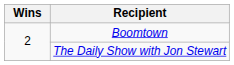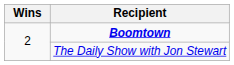 <table class="wikitable sortable" style="text-align: center">
 <tr>
 <th scope="col" style="width:55px;">Wins</th>
 <th scope="col" style="text-align:center;">Recipient</th>
 </tr>
 <tr>
 <td rowspan=2 style="text-align:center">2</td>
-<td><em><a href='#'>Boomtown</a></em></td>
+<td><strong><em><a href='#'>Boomtown</a></em></strong></td>
 </tr>
 <tr>
 <td><em><a href='#'>The Daily Show with Jon Stewart</a></em></td>
 </tr>
 </table>
